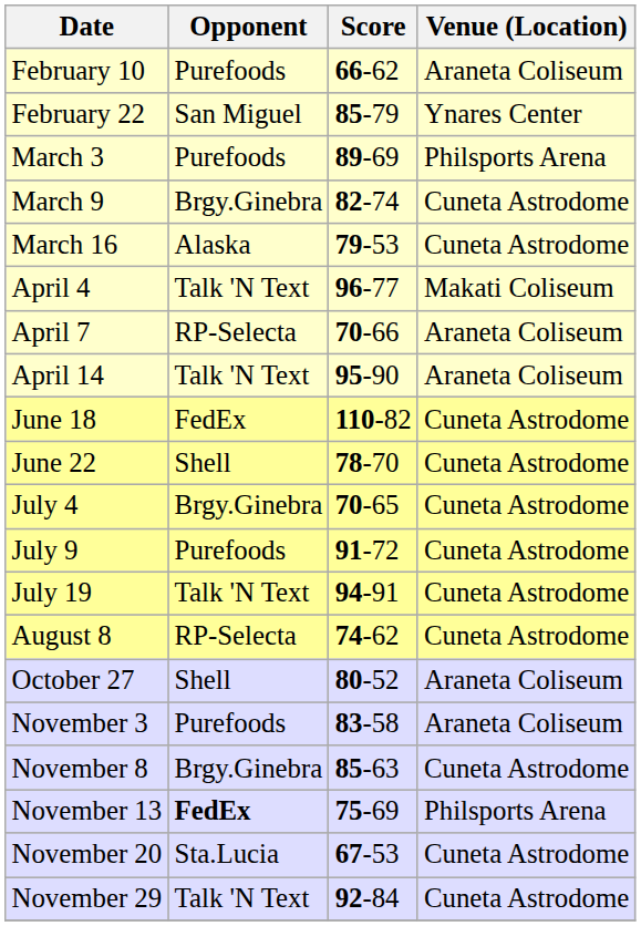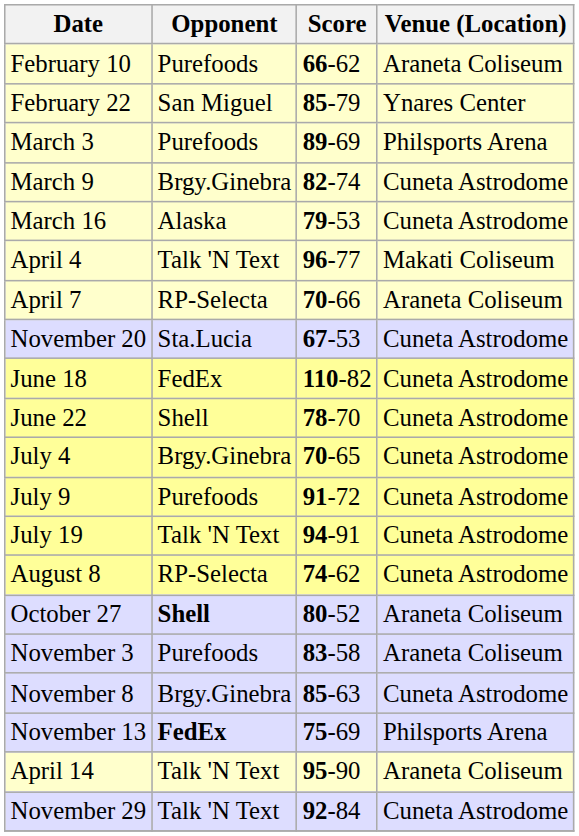 <table class="wikitable sortable sortable">
 <tr>
 <th>Date</th>
 <th>Opponent</th>
 <th>Score</th>
 <th>Venue (Location)</th>
 </tr>
 <tr bgcolor="#FFFFCC">
 <td>February 10</td>
 <td>Purefoods</td>
 <td><strong>66</strong>-62</td>
 <td>Araneta Coliseum </td>
 </tr>
 <tr bgcolor="#FFFFCC">
 <td>February 22</td>
 <td>San Miguel</td>
 <td><strong>85</strong>-79</td>
 <td>Ynares Center</td>
 </tr>
 <tr bgcolor="#FFFFCC">
 <td>March 3</td>
 <td>Purefoods</td>
 <td><strong>89</strong>-69</td>
 <td>Philsports Arena</td>
 </tr>
 <tr bgcolor="#FFFFCC">
 <td>March 9</td>
 <td>Brgy.Ginebra</td>
 <td><strong>82</strong>-74</td>
 <td>Cuneta Astrodome</td>
 </tr>
 <tr bgcolor="#FFFFCC">
 <td>March 16</td>
 <td>Alaska</td>
 <td><strong>79</strong>-53</td>
 <td>Cuneta Astrodome</td>
 </tr>
 <tr bgcolor="#FFFFCC">
 <td>April 4</td>
 <td>Talk 'N Text</td>
 <td><strong>96</strong>-77</td>
 <td>Makati Coliseum</td>
 </tr>
 <tr bgcolor="#FFFFCC">
 <td>April 7</td>
 <td>RP-Selecta</td>
 <td><strong>70</strong>-66</td>
 <td>Araneta Coliseum</td>
 </tr>
-<tr bgcolor="#FFFFCC">
-<td>April 14</td>
-<td>Talk 'N Text</td>
-<td><strong>95</strong>-90</td>
-<td>Araneta Coliseum</td>
+<tr bgcolor="#DDDDFF">
+<td>November 20</td>
+<td>Sta.Lucia</td>
+<td><strong>67</strong>-53</td>
+<td>Cuneta Astrodome</td>
 </tr>
 <tr bgcolor="#FFFF99">
 <td>June 18</td>
 <td>FedEx</td>
 <td><strong>110</strong>-82</td>
 <td>Cuneta Astrodome</td>
 </tr>
 <tr bgcolor="#FFFF99">
 <td>June 22</td>
 <td>Shell</td>
 <td><strong>78</strong>-70</td>
 <td>Cuneta Astrodome</td>
 </tr>
 <tr bgcolor="#FFFF99">
 <td>July 4</td>
 <td>Brgy.Ginebra</td>
 <td><strong>70</strong>-65</td>
 <td>Cuneta Astrodome</td>
 </tr>
 <tr bgcolor="#FFFF99">
 <td>July 9</td>
 <td>Purefoods</td>
 <td><strong>91</strong>-72</td>
 <td>Cuneta Astrodome </td>
 </tr>
 <tr bgcolor="#FFFF99">
 <td>July 19</td>
 <td>Talk 'N Text</td>
 <td><strong>94</strong>-91</td>
 <td>Cuneta Astrodome</td>
 </tr>
 <tr bgcolor="#FFFF99">
 <td>August 8</td>
 <td>RP-Selecta</td>
 <td><strong>74</strong>-62</td>
 <td>Cuneta Astrodome</td>
 </tr>
 <tr bgcolor="#DDDDFF">
 <td>October 27</td>
-<td>Shell</td>
+<td><strong>Shell</strong></td>
 <td><strong>80</strong>-52</td>
 <td>Araneta Coliseum </td>
 </tr>
 <tr bgcolor="#DDDDFF">
 <td>November 3</td>
 <td>Purefoods</td>
 <td><strong>83</strong>-58</td>
 <td>Araneta Coliseum</td>
 </tr>
 <tr bgcolor="#DDDDFF">
 <td>November 8</td>
 <td>Brgy.Ginebra</td>
 <td><strong>85</strong>-63</td>
 <td>Cuneta Astrodome</td>
 </tr>
 <tr bgcolor="#DDDDFF">
 <td>November 13</td>
 <td><strong>FedEx</strong></td>
 <td><strong>75</strong>-69</td>
 <td>Philsports Arena</td>
 </tr>
-<tr bgcolor="#DDDDFF">
-<td>November 20</td>
-<td>Sta.Lucia</td>
-<td><strong>67</strong>-53</td>
-<td>Cuneta Astrodome</td>
+<tr bgcolor="#FFFFCC">
+<td>April 14</td>
+<td>Talk 'N Text</td>
+<td><strong>95</strong>-90</td>
+<td>Araneta Coliseum</td>
 </tr>
 <tr bgcolor="#DDDDFF">
 <td>November 29</td>
 <td>Talk 'N Text</td>
 <td><strong>92</strong>-84</td>
 <td>Cuneta Astrodome</td>
 </tr>
 <tr>
 </tr>
 </table>
